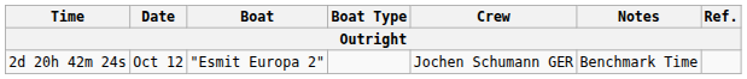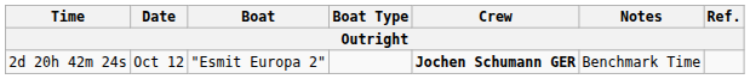 <table class="wikitable sortable">
 <tr>
 <th>Time</th>
 <th>Date</th>
 <th>Boat</th>
 <th>Boat Type</th>
 <th>Crew</th>
 <th>Notes</th>
 <th>Ref.</th>
 </tr>
 <tr>
 <th colspan=7>Outright</th>
 </tr>
 <tr>
 <td>2d 20h 42m 24s</td>
 <td>Oct 12</td>
 <td>"Esmit Europa 2"</td>
 <td></td>
-<td>Jochen Schumann	GER</td>
+<td><strong>Jochen Schumann	GER</strong></td>
 <td>Benchmark Time</td>
 <td></td>
 </tr>
 </table>
